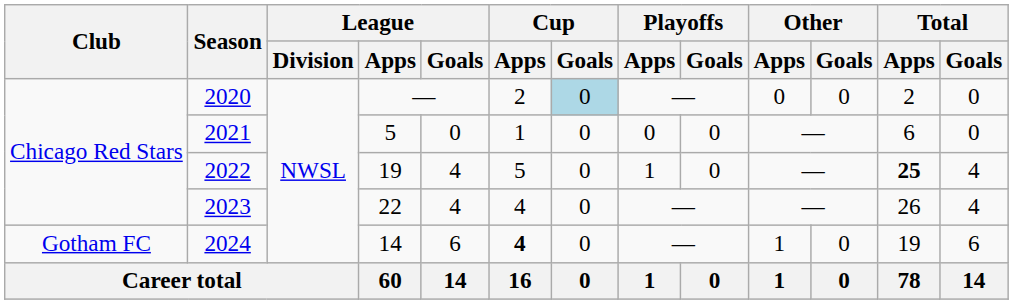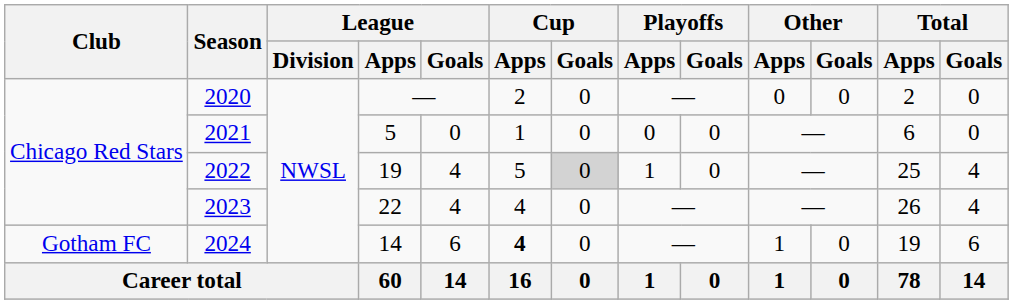 <table class="wikitable" style="text-align:center">
 <tr>
 <th rowspan="2">Club</th>
 <th rowspan="2">Season</th>
 <th colspan="3">League</th>
 <th colspan="2">Cup</th>
 <th colspan="2">Playoffs</th>
 <th colspan="2">Other</th>
 <th colspan="2">Total</th>
 </tr>
 <tr>
 <th>Division</th>
 <th>Apps</th>
 <th>Goals</th>
 <th>Apps</th>
 <th>Goals</th>
 <th>Apps</th>
 <th>Goals</th>
 <th>Apps</th>
 <th>Goals</th>
 <th>Apps</th>
 <th>Goals</th>
 </tr>
 <tr>
 <td rowspan="4"><a href='#'>Chicago Red Stars</a></td>
 <td><a href='#'>2020</a></td>
 <td rowspan="5"><a href='#'>NWSL</a></td>
 <td colspan="2">—</td>
 <td>2</td>
-<td style="background: lightblue;">0</td>
+<td>0</td>
 <td colspan="2">—</td>
 <td>0</td>
 <td>0</td>
 <td>2</td>
 <td>0</td>
 </tr>
 <tr>
 <td><a href='#'>2021</a></td>
 <td>5</td>
 <td>0</td>
 <td>1</td>
 <td>0</td>
 <td>0</td>
 <td>0</td>
 <td colspan="2">—</td>
 <td>6</td>
 <td>0</td>
 </tr>
 <tr>
 <td><a href='#'>2022</a></td>
 <td>19</td>
 <td>4</td>
 <td>5</td>
-<td>0</td>
+<td style="background: lightgrey;">0</td>
 <td>1</td>
 <td>0</td>
 <td colspan="2">—</td>
-<td><strong>25</strong></td>
+<td>25</td>
 <td>4</td>
 </tr>
 <tr>
 <td><a href='#'>2023</a></td>
 <td>22</td>
 <td>4</td>
 <td>4</td>
 <td>0</td>
 <td colspan="2">—</td>
 <td colspan="2">—</td>
 <td>26</td>
 <td>4</td>
 </tr>
 <tr>
 <td><a href='#'>Gotham FC</a></td>
 <td><a href='#'>2024</a></td>
 <td>14</td>
 <td>6</td>
 <td><strong>4</strong></td>
 <td>0</td>
 <td colspan="2">—</td>
 <td>1</td>
 <td>0</td>
 <td>19</td>
 <td>6</td>
 </tr>
 <tr>
 <th colspan="3">Career total</th>
 <th>60</th>
 <th>14</th>
 <th>16</th>
 <th>0</th>
 <th>1</th>
 <th>0</th>
 <th>1</th>
 <th>0</th>
 <th>78</th>
 <th>14</th>
 </tr>
 </table>
